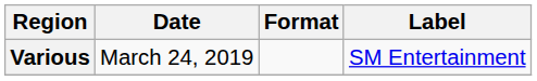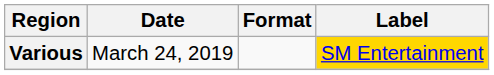 <table class="wikitable plainrowheaders">
 <tr>
 <th>Region</th>
 <th>Date</th>
 <th>Format</th>
 <th>Label</th>
 </tr>
 <tr>
 <th scope=row>Various</th>
 <td>March 24, 2019</td>
 <td></td>
-<td><a href='#'>SM Entertainment</a></td>
+<td style="background: gold;"><a href='#'>SM Entertainment</a></td>
 </tr>
 <tr>
 </tr>
 </table>
